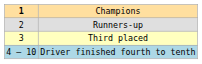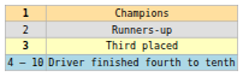 <table class="wikitable" align="center">
 <tr align="center">
 <td style="background:#ffdf9f;"><strong>1</strong></td>
 <td style="background:#ffdf9f;">Champions</td>
 </tr>
 <tr align="center">
 <td style="background:#dfdfdf;">2</td>
 <td style="background:#dfdfdf;">Runners-up</td>
 </tr>
 <tr align="center">
-<td style="background:#ffffbf;">3</td>
+<td style="background:#ffffbf;"><strong>3</strong></td>
 <td style="background:#ffffbf;">Third placed</td>
 </tr>
 <tr align="center">
 <td style="background:lightblue;">4 – 10</td>
 <td style="background:lightblue;">Driver finished fourth to tenth</td>
 </tr>
 </table>
